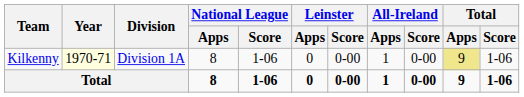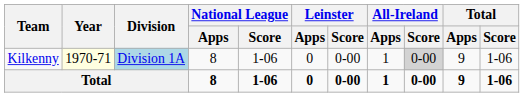 <table class="wikitable" style="text-align:center">
 <tr>
 <th rowspan="2">Team</th>
 <th rowspan="2">Year</th>
 <th rowspan="2">Division</th>
 <th colspan="2"><a href='#'>National League</a></th>
 <th colspan="2"><a href='#'>Leinster</a></th>
 <th colspan="2"><a href='#'>All-Ireland</a></th>
 <th colspan="2">Total</th>
 </tr>
 <tr>
 <th>Apps</th>
 <th>Score</th>
 <th>Apps</th>
 <th>Score</th>
 <th>Apps</th>
 <th>Score</th>
 <th>Apps</th>
 <th>Score</th>
 </tr>
 <tr>
 <td rowspan="1"><a href='#'>Kilkenny</a></td>
 <td style="background: lightyellow;">1970-71</td>
-<td rowspan="1"><a href='#'>Division 1A</a></td>
+<td rowspan="1" style="background: lightblue;"><a href='#'>Division 1A</a></td>
 <td>8</td>
 <td>1-06</td>
 <td>0</td>
 <td>0-00</td>
 <td>1</td>
-<td>0-00</td>
-<td style="background: khaki;">9</td>
+<td style="background: lightgrey;">0-00</td>
+<td>9</td>
 <td>1-06</td>
 </tr>
 <tr>
 <th colspan="3">Total</th>
 <td><strong>8</strong></td>
 <td><strong>1-06</strong></td>
 <td><strong>0</strong></td>
 <td><strong>0-00</strong></td>
 <td><strong>1</strong></td>
 <td><strong>0-00</strong></td>
 <td><strong>9</strong></td>
 <td><strong>1-06</strong></td>
 </tr>
 </table>
